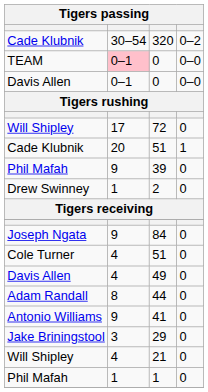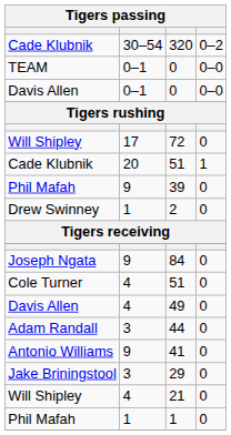 <table class="wikitable plainrowheaders">
 <tr>
 <th colspan="6">Tigers passing</th>
 </tr>
 <tr>
 <th scope="col"></th>
 <th scope="col"></th>
 <th scope="col"></th>
 <th scope="col"></th>
 </tr>
 <tr>
 <td><a href='#'>Cade Klubnik</a></td>
 <td>30–54</td>
 <td>320</td>
 <td>0–2</td>
 </tr>
 <tr>
 <td>TEAM</td>
-<td style="background: pink;">0–1</td>
+<td>0–1</td>
 <td>0</td>
 <td>0–0</td>
 </tr>
 <tr>
 <td>Davis Allen</td>
 <td>0–1</td>
 <td>0</td>
 <td>0–0</td>
 </tr>
 <tr>
 <th colspan="6">Tigers rushing</th>
 </tr>
 <tr>
 <th scope="col"></th>
 <th scope="col"></th>
 <th scope="col"></th>
 <th scope="col"></th>
 </tr>
 <tr>
 <td><a href='#'>Will Shipley</a></td>
 <td>17</td>
 <td>72</td>
 <td>0</td>
 </tr>
 <tr>
 <td>Cade Klubnik</td>
 <td>20</td>
 <td>51</td>
 <td>1</td>
 </tr>
 <tr>
 <td><a href='#'>Phil Mafah</a></td>
 <td>9</td>
 <td>39</td>
 <td>0</td>
 </tr>
 <tr>
 <td>Drew Swinney</td>
 <td>1</td>
 <td>2</td>
 <td>0</td>
 </tr>
 <tr>
 <th colspan="6">Tigers receiving</th>
 </tr>
 <tr>
 </tr>
 <tr>
 <th scope="col"></th>
 <th scope="col"></th>
 <th scope="col"></th>
 <th scope="col"></th>
 </tr>
 <tr>
 <td><a href='#'>Joseph Ngata</a></td>
 <td>9</td>
 <td>84</td>
 <td>0</td>
 </tr>
 <tr>
 <td>Cole Turner</td>
 <td>4</td>
 <td>51</td>
 <td>0</td>
 </tr>
 <tr>
 <td><a href='#'>Davis Allen</a></td>
 <td>4</td>
 <td>49</td>
 <td>0</td>
 </tr>
 <tr>
 <td><a href='#'>Adam Randall</a></td>
-<td>8</td>
+<td>3</td>
 <td>44</td>
 <td>0</td>
 </tr>
 <tr>
 <td><a href='#'>Antonio Williams</a></td>
 <td>9</td>
 <td>41</td>
 <td>0</td>
 </tr>
 <tr>
 <td><a href='#'>Jake Briningstool</a></td>
 <td>3</td>
 <td>29</td>
 <td>0</td>
 </tr>
 <tr>
 <td>Will Shipley</td>
 <td>4</td>
 <td>21</td>
 <td>0</td>
 </tr>
 <tr>
 <td>Phil Mafah</td>
 <td>1</td>
 <td>1</td>
 <td>0</td>
 </tr>
 <tr>
 </tr>
 </table>
